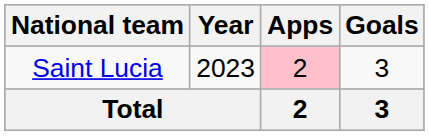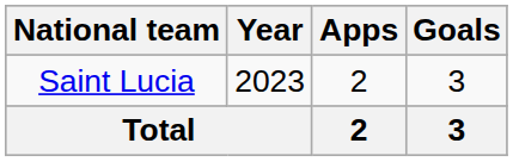 <table class="wikitable" style="text-align: center;">
 <tr>
 <th>National team</th>
 <th>Year</th>
 <th>Apps</th>
 <th>Goals</th>
 </tr>
 <tr>
 <td rowspan="1"><a href='#'>Saint Lucia</a></td>
 <td>2023</td>
-<td style="background: pink;">2</td>
+<td>2</td>
 <td>3</td>
 </tr>
 <tr>
 <th colspan="2">Total</th>
 <th>2</th>
 <th>3</th>
 </tr>
 </table>
